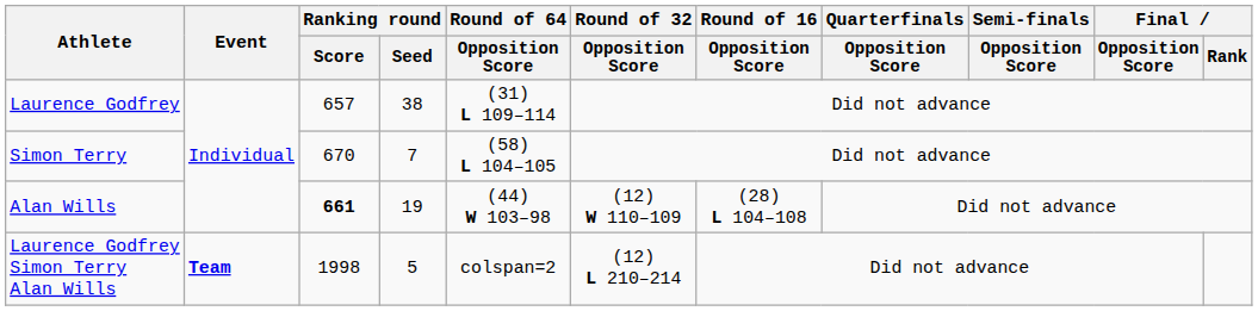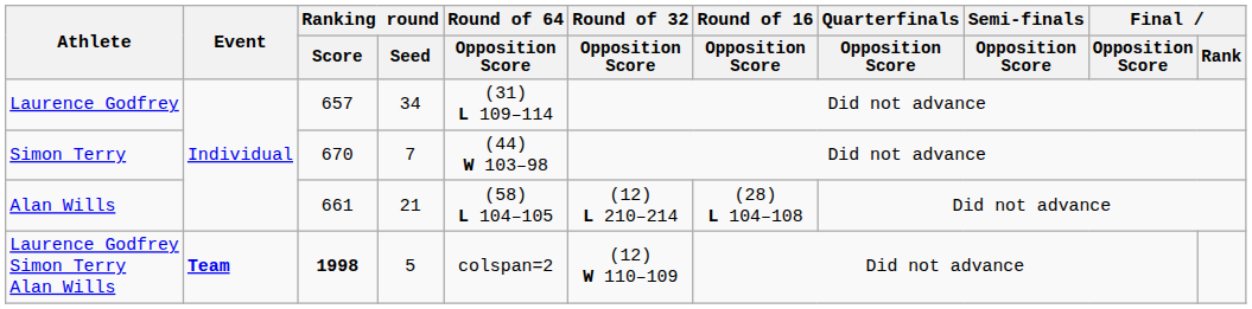 <table class="wikitable" style="font-size:90%">
 <tr>
 <th rowspan="2">Athlete</th>
 <th rowspan="2">Event</th>
 <th colspan="2">Ranking round</th>
 <th>Round of 64</th>
 <th>Round of 32</th>
 <th>Round of 16</th>
 <th>Quarterfinals</th>
 <th>Semi-finals</th>
 <th colspan="2">Final / </th>
 </tr>
 <tr style="font-size:95%">
 <th>Score</th>
 <th>Seed</th>
 <th>Opposition<br>Score</th>
 <th>Opposition<br>Score</th>
 <th>Opposition<br>Score</th>
 <th>Opposition<br>Score</th>
 <th>Opposition<br>Score</th>
 <th>Opposition<br>Score</th>
 <th>Rank</th>
 </tr>
 <tr align=center>
 <td align=left><a href='#'>Laurence Godfrey</a></td>
 <td align=left rowspan=3><a href='#'>Individual</a></td>
 <td>657</td>
-<td>38</td>
+<td>34</td>
 <td> (31)<br><strong>L</strong> 109–114</td>
 <td colspan=6>Did not advance</td>
 </tr>
 <tr align=center>
 <td align=left><a href='#'>Simon Terry</a></td>
 <td>670</td>
 <td>7</td>
-<td> (58)<br><strong>L</strong> 104–105</td>
+<td> (44)<br><strong>W</strong> 103–98</td>
 <td colspan=6>Did not advance</td>
 </tr>
 <tr align=center>
 <td align=left><a href='#'>Alan Wills</a></td>
-<td><strong>661</strong></td>
-<td>19</td>
-<td> (44)<br><strong>W</strong> 103–98</td>
-<td> (12)<br><strong>W</strong> 110–109</td>
+<td>661</td>
+<td>21</td>
+<td> (58)<br><strong>L</strong> 104–105</td>
+<td> (12)<br><strong>L</strong> 210–214</td>
 <td> (28)<br><strong>L</strong> 104–108</td>
 <td colspan=4>Did not advance</td>
 </tr>
 <tr align=center>
 <td align=left><a href='#'>Laurence Godfrey</a><br><a href='#'>Simon Terry</a><br><a href='#'>Alan Wills</a></td>
 <td align=left><strong><a href='#'>Team</a></strong></td>
-<td>1998</td>
+<td><strong>1998</strong></td>
 <td>5</td>
 <td>colspan=2 </td>
-<td> (12)<br><strong>L</strong> 210–214</td>
+<td> (12)<br><strong>W</strong> 110–109</td>
 <td colspan=4>Did not advance</td>
 </tr>
 </table>
